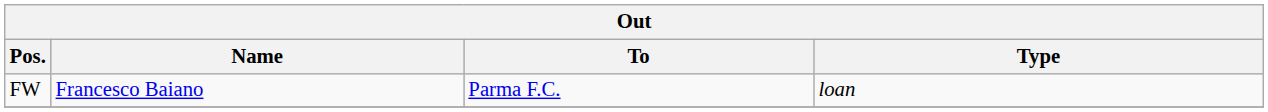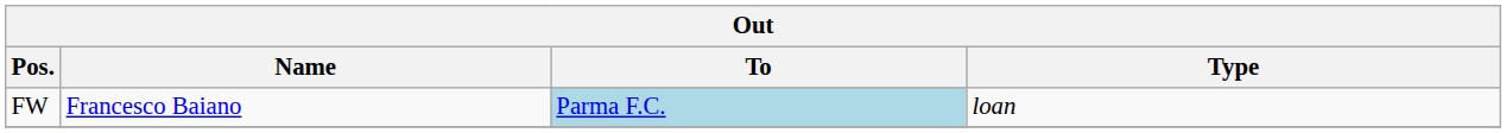 <table class="wikitable" style="font-size:90%;width:99%;">
 <tr>
 <th colspan="4">Out</th>
 </tr>
 <tr>
 <th width=3%>Pos.</th>
 <th width=33%>Name</th>
 <th width=28%>To</th>
 <th width=36%>Type</th>
 </tr>
 <tr>
 <td>FW</td>
 <td><a href='#'>Francesco Baiano</a></td>
-<td><a href='#'>Parma F.C.</a></td>
+<td style="background: lightblue;"><a href='#'>Parma F.C.</a></td>
 <td><em>loan</em></td>
 </tr>
 <tr>
 </tr>
 </table>
